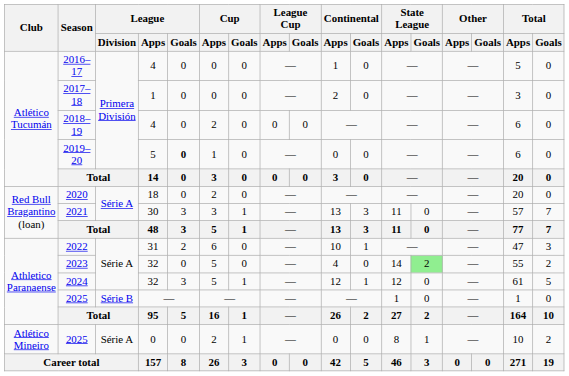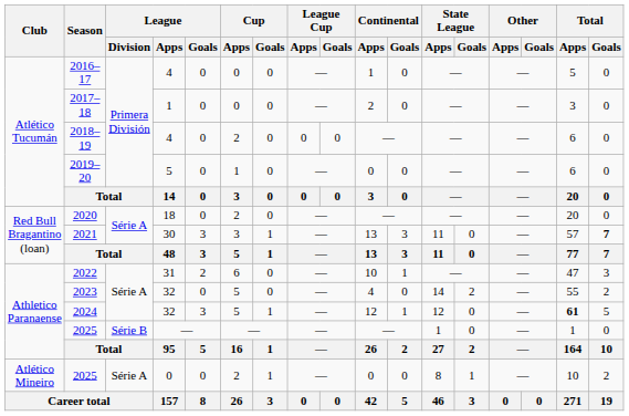 <table class="wikitable" style="text-align:center">
 <tr>
 <th rowspan="2">Club</th>
 <th rowspan="2">Season</th>
 <th colspan="3">League</th>
 <th colspan="2">Cup</th>
 <th colspan="2">League Cup</th>
 <th colspan="2">Continental</th>
 <th colspan="2">State League</th>
 <th colspan="2">Other</th>
 <th colspan="2">Total</th>
 </tr>
 <tr>
 <th>Division</th>
 <th>Apps</th>
 <th>Goals</th>
 <th>Apps</th>
 <th>Goals</th>
 <th>Apps</th>
 <th>Goals</th>
 <th>Apps</th>
 <th>Goals</th>
 <th>Apps</th>
 <th>Goals</th>
 <th>Apps</th>
 <th>Goals</th>
 <th>Apps</th>
 <th>Goals</th>
 </tr>
 <tr>
 <td rowspan="5"><a href='#'>Atlético Tucumán</a></td>
 <td><a href='#'>2016–17</a></td>
 <td rowspan="4"><a href='#'>Primera División</a></td>
 <td>4</td>
 <td>0</td>
 <td>0</td>
 <td>0</td>
 <td colspan="2">—</td>
 <td>1</td>
 <td>0</td>
 <td colspan="2">—</td>
 <td colspan="2">—</td>
 <td>5</td>
 <td>0</td>
 </tr>
 <tr>
 <td><a href='#'>2017–18</a></td>
 <td>1</td>
 <td>0</td>
 <td>0</td>
 <td>0</td>
 <td colspan="2">—</td>
 <td>2</td>
 <td>0</td>
 <td colspan="2">—</td>
 <td colspan="2">—</td>
 <td>3</td>
 <td>0</td>
 </tr>
 <tr>
 <td><a href='#'>2018–19</a></td>
 <td>4</td>
 <td>0</td>
 <td>2</td>
 <td>0</td>
 <td>0</td>
 <td>0</td>
 <td colspan="2">—</td>
 <td colspan="2">—</td>
 <td colspan="2">—</td>
 <td>6</td>
 <td>0</td>
 </tr>
 <tr>
 <td><a href='#'>2019–20</a></td>
 <td>5</td>
-<td><strong>0</strong></td>
+<td>0</td>
 <td>1</td>
 <td>0</td>
 <td colspan="2">—</td>
 <td>0</td>
 <td>0</td>
 <td colspan="2">—</td>
 <td colspan="2">—</td>
 <td>6</td>
 <td>0</td>
 </tr>
 <tr>
 <th colspan="2">Total</th>
 <th>14</th>
 <th>0</th>
 <th>3</th>
 <th>0</th>
 <th>0</th>
 <th>0</th>
 <th>3</th>
 <th>0</th>
 <th colspan="2">—</th>
 <th colspan="2">—</th>
 <th>20</th>
 <th>0</th>
 </tr>
 <tr>
 <td rowspan="3"><a href='#'>Red Bull Bragantino</a> (loan)</td>
 <td><a href='#'>2020</a></td>
 <td rowspan="2"><a href='#'>Série A</a></td>
 <td>18</td>
 <td>0</td>
 <td>2</td>
 <td>0</td>
 <td colspan="2">—</td>
 <td colspan="2">—</td>
 <td colspan="2">—</td>
 <td colspan="2">—</td>
 <td>20</td>
 <td>0</td>
 </tr>
 <tr>
 <td><a href='#'>2021</a></td>
 <td>30</td>
 <td>3</td>
 <td>3</td>
 <td>1</td>
 <td colspan="2">—</td>
 <td>13</td>
 <td>3</td>
 <td>11</td>
 <td>0</td>
 <td colspan="2">—</td>
 <td>57</td>
-<td>7</td>
+<td><strong>7</strong></td>
 </tr>
 <tr>
 <th colspan="2">Total</th>
 <th>48</th>
 <th>3</th>
 <th>5</th>
 <th>1</th>
 <th colspan="2">—</th>
 <th>13</th>
 <th>3</th>
 <th>11</th>
 <th>0</th>
 <th colspan="2">—</th>
 <th>77</th>
 <th>7</th>
 </tr>
 <tr>
 <td rowspan="5"><a href='#'>Athletico Paranaense</a></td>
 <td><a href='#'>2022</a></td>
 <td rowspan="3">Série A</td>
 <td>31</td>
 <td>2</td>
 <td>6</td>
 <td>0</td>
 <td colspan="2">—</td>
 <td>10</td>
 <td>1</td>
 <td colspan="2">—</td>
 <td colspan="2">—</td>
 <td>47</td>
 <td>3</td>
 </tr>
 <tr>
 <td><a href='#'>2023</a></td>
 <td>32</td>
 <td>0</td>
 <td>5</td>
 <td>0</td>
 <td colspan="2">—</td>
 <td>4</td>
 <td>0</td>
 <td>14</td>
-<td style="background: lightgreen;">2</td>
+<td>2</td>
 <td colspan="2">—</td>
 <td>55</td>
 <td>2</td>
 </tr>
 <tr>
 <td><a href='#'>2024</a></td>
 <td>32</td>
 <td>3</td>
 <td>5</td>
 <td>1</td>
 <td colspan="2">—</td>
 <td>12</td>
 <td>1</td>
 <td>12</td>
 <td>0</td>
 <td colspan="2">—</td>
-<td>61</td>
+<td><strong>61</strong></td>
 <td>5</td>
 </tr>
 <tr>
 <td><a href='#'>2025</a></td>
 <td><a href='#'>Série B</a></td>
 <td colspan="2">—</td>
 <td colspan="2">—</td>
 <td colspan="2">—</td>
 <td colspan="2">—</td>
 <td>1</td>
 <td>0</td>
 <td colspan="2">—</td>
 <td>1</td>
 <td>0</td>
 </tr>
 <tr>
 <th colspan="2">Total</th>
 <th>95</th>
 <th>5</th>
 <th>16</th>
 <th>1</th>
 <th colspan="2">—</th>
 <th>26</th>
 <th>2</th>
 <th>27</th>
 <th>2</th>
 <th colspan="2">—</th>
 <th>164</th>
 <th>10</th>
 </tr>
 <tr>
 <td rowspan="1"><a href='#'>Atlético Mineiro</a></td>
 <td><a href='#'>2025</a></td>
 <td rowspan="1">Série A</td>
 <td>0</td>
 <td>0</td>
 <td>2</td>
 <td>1</td>
 <td colspan="2">—</td>
 <td>0</td>
 <td>0</td>
 <td>8</td>
 <td>1</td>
 <td colspan="2">—</td>
 <td>10</td>
 <td>2</td>
 </tr>
 <tr>
 <th colspan="3"><strong>Career total</strong></th>
 <th>157</th>
 <th>8</th>
 <th>26</th>
 <th>3</th>
 <th>0</th>
 <th>0</th>
 <th>42</th>
 <th>5</th>
 <th>46</th>
 <th>3</th>
 <th>0</th>
 <th>0</th>
 <th>271</th>
 <th>19</th>
 </tr>
 </table>
